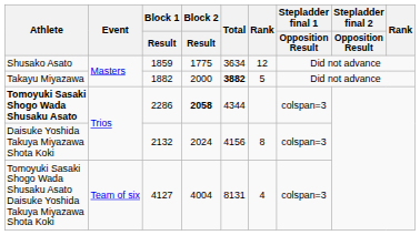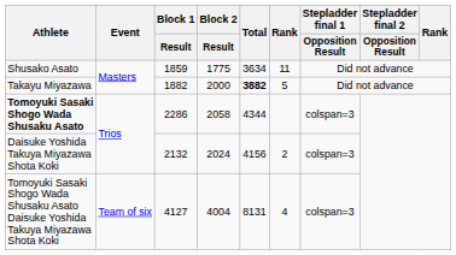 <table class=wikitable style=font-size:90%;text-align:center>
 <tr>
 <th rowspan="2">Athlete</th>
 <th rowspan="2">Event</th>
 <th>Block 1</th>
 <th>Block 2</th>
 <th rowspan="2">Total</th>
 <th rowspan="2">Rank</th>
 <th>Stepladder<br>final 1</th>
 <th>Stepladder<br>final 2</th>
 <th rowspan="2">Rank</th>
 </tr>
 <tr style="font-size:95%">
 <th>Result</th>
 <th>Result</th>
 <th>Opposition<br>Result</th>
 <th>Opposition<br>Result</th>
 </tr>
 <tr>
 <td style="text-align:left">Shusako Asato</td>
 <td style="text-align:left" rowspan=2><a href='#'>Masters</a></td>
 <td>1859</td>
 <td>1775</td>
 <td>3634</td>
-<td>12</td>
+<td>11</td>
 <td colspan=3>Did not advance</td>
 </tr>
 <tr>
 <td style="text-align:left">Takayu Miyazawa</td>
 <td>1882</td>
 <td>2000</td>
 <td><strong>3882</strong></td>
 <td>5</td>
 <td colspan=3>Did not advance</td>
 </tr>
 <tr>
 <td style="text-align:left"><strong>Tomoyuki Sasaki<br>Shogo Wada<br>Shusaku Asato</strong></td>
 <td style="text-align:left" rowspan=2><a href='#'>Trios</a></td>
 <td>2286</td>
-<td><strong>2058</strong></td>
+<td>2058</td>
 <td>4344</td>
 <td></td>
 <td>colspan=3 </td>
 </tr>
 <tr>
 <td style="text-align:left">Daisuke Yoshida<br>Takuya Miyazawa<br>Shota Koki</td>
 <td>2132</td>
 <td>2024</td>
 <td>4156</td>
-<td>8</td>
+<td>2</td>
 <td>colspan=3 </td>
 </tr>
 <tr>
 <td style="text-align:left">Tomoyuki Sasaki<br>Shogo Wada<br>Shusaku Asato<br>Daisuke Yoshida<br>Takuya Miyazawa<br>Shota Koki</td>
 <td style="text-align:left"><a href='#'>Team of six</a></td>
 <td>4127</td>
 <td>4004</td>
 <td>8131</td>
 <td>4</td>
 <td>colspan=3 </td>
 </tr>
 </table>
